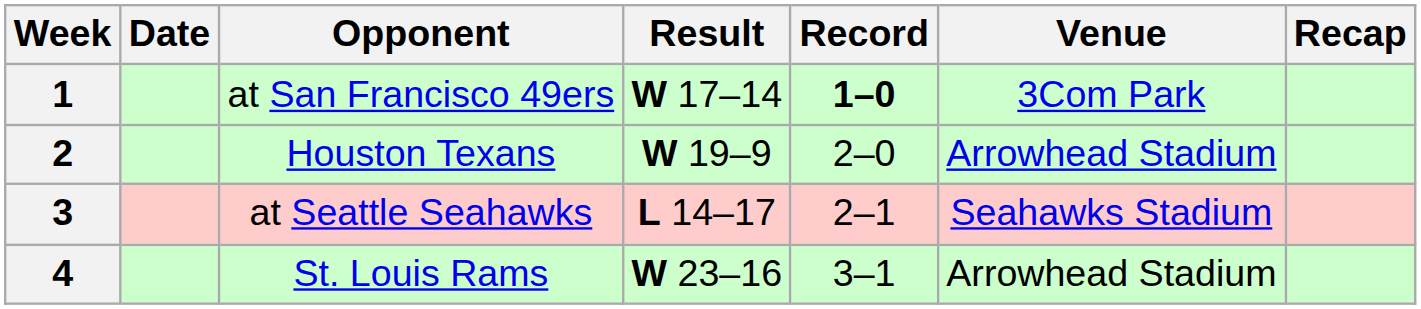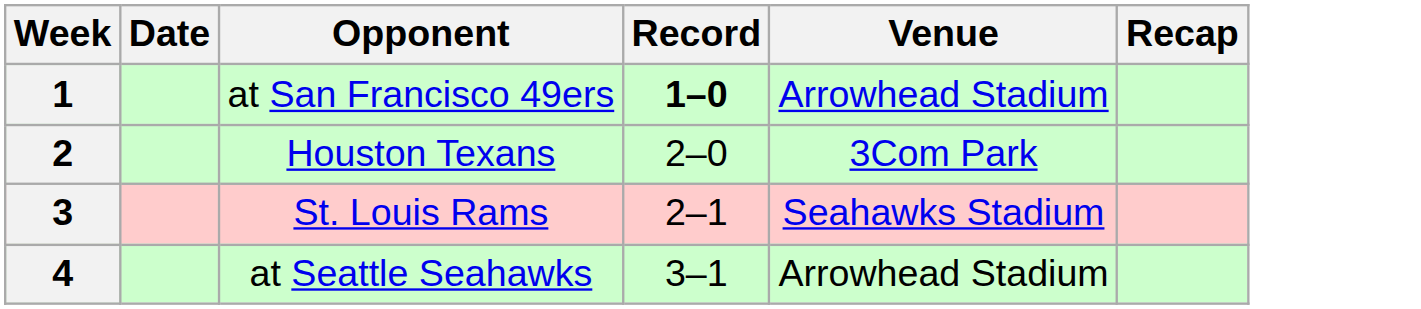 <table class="wikitable" style="text-align:center">
 <tr>
 <th>Week</th>
 <th>Date</th>
 <th>Opponent</th>
-<th>Result</th>
 <th>Record</th>
 <th>Venue</th>
 <th>Recap</th>
 </tr>
 <tr style="background:#cfc">
 <th>1</th>
 <td></td>
 <td>at <a href='#'>San Francisco 49ers</a></td>
-<td><strong>W</strong> 17–14 </td>
 <td><strong>1–0</strong></td>
-<td><a href='#'>3Com Park</a></td>
+<td><a href='#'>Arrowhead Stadium</a></td>
 <td></td>
 </tr>
 <tr style="background:#cfc">
 <th>2</th>
 <td></td>
 <td><a href='#'>Houston Texans</a></td>
-<td><strong>W</strong> 19–9</td>
 <td>2–0</td>
-<td><a href='#'>Arrowhead Stadium</a></td>
+<td><a href='#'>3Com Park</a></td>
 <td></td>
 </tr>
 <tr style="background:#fcc">
 <th>3</th>
 <td></td>
-<td>at <a href='#'>Seattle Seahawks</a></td>
-<td><strong>L</strong> 14–17</td>
+<td><a href='#'>St. Louis Rams</a></td>
 <td>2–1</td>
 <td><a href='#'>Seahawks Stadium</a></td>
 <td></td>
 </tr>
 <tr style="background:#cfc">
 <th>4</th>
 <td></td>
-<td><a href='#'>St. Louis Rams</a></td>
-<td><strong>W</strong> 23–16</td>
+<td>at <a href='#'>Seattle Seahawks</a></td>
 <td>3–1</td>
 <td>Arrowhead Stadium</td>
 <td></td>
 </tr>
 </table>
